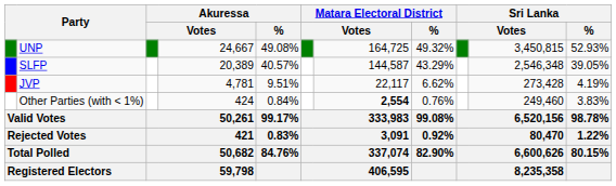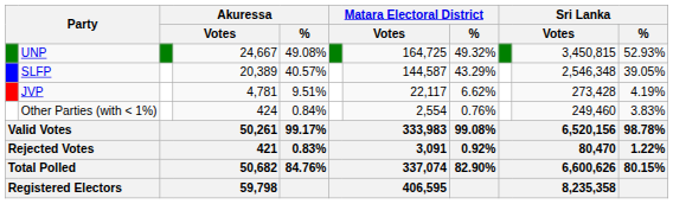 <table class="wikitable">
 <tr>
 <th colspan="2" width="144px"rowspan="2">Party</th>
 <th colspan="3" width="216px">Akuressa</th>
 <th colspan="3" width="216px"><a href='#'>Matara Electoral District</a></th>
 <th colspan="3" width="216px">Sri Lanka</th>
 </tr>
 <tr>
 <th colspan="2" width="144px">Votes</th>
 <th>%</th>
 <th colspan="2" width="144px">Votes</th>
 <th>%</th>
 <th colspan="2" width="144px">Votes</th>
 <th>%</th>
 </tr>
 <tr>
 <td style="background-color:green;" width="10px"></td>
 <td style="text-align:left;"><a href='#'>UNP</a></td>
 <td style="background-color:green;" width="10px"></td>
 <td style="text-align:right;">24,667</td>
 <td style="text-align:right;">49.08%</td>
 <td style="background-color:green;" width="10px"></td>
 <td style="text-align:right;">164,725</td>
 <td style="text-align:right;">49.32%</td>
 <td style="background-color:green;" width="10px"></td>
 <td style="text-align:right;">3,450,815</td>
 <td style="text-align:right;">52.93%</td>
 </tr>
 <tr>
 <td style="background-color:blue;" width="10px"></td>
 <td style="text-align:left;"><a href='#'>SLFP</a></td>
 <td style="background-color:white;" width="10px"></td>
 <td style="text-align:right;">20,389</td>
 <td style="text-align:right;">40.57%</td>
 <td style="background-color:white;" width="10px"></td>
 <td style="text-align:right;">144,587</td>
 <td style="text-align:right;">43.29%</td>
 <td style="background-color:white;" width="10px"></td>
 <td style="text-align:right;">2,546,348</td>
 <td style="text-align:right;">39.05%</td>
 </tr>
 <tr>
 <td style="background-color:red;" width="10px"></td>
 <td style="text-align:left;"><a href='#'>JVP</a></td>
 <td style="background-color:white;" width="10px"></td>
 <td style="text-align:right;">4,781</td>
 <td style="text-align:right;">9.51%</td>
 <td style="background-color:white;" width="10px"></td>
 <td style="text-align:right;">22,117</td>
 <td style="text-align:right;">6.62%</td>
 <td style="background-color:white;" width="10px"></td>
 <td style="text-align:right;">273,428</td>
 <td style="text-align:right;">4.19%</td>
 </tr>
 <tr>
 <td style="background-color:white;" width="10px"></td>
 <td style="text-align:left;">Other Parties (with < 1%)</td>
 <td style="background-color:white;" width="10px"></td>
 <td style="text-align:right;">424</td>
 <td style="text-align:right;">0.84%</td>
 <td style="background-color:white;" width="10px"></td>
-<td style="text-align:right;"><strong>2,554</strong></td>
+<td style="text-align:right;">2,554</td>
 <td style="text-align:right;">0.76%</td>
 <td style="background-color:white;" width="10px"></td>
 <td style="text-align:right;">249,460</td>
 <td style="text-align:right;">3.83%</td>
 </tr>
 <tr>
 <th colspan="2" width="144px"style="text-align:left;">Valid Votes</th>
 <th style="text-align:right;"colspan="2" width="144px">50,261</th>
 <th style="text-align:right;">99.17%</th>
 <th style="text-align:right;"colspan="2" width="144px">333,983</th>
 <th style="text-align:right;">99.08%</th>
 <th style="text-align:right;"colspan="2" width="144px">6,520,156</th>
 <th style="text-align:right;">98.78%</th>
 </tr>
 <tr>
 <th colspan="2" width="144px"style="text-align:left;">Rejected Votes</th>
 <th style="text-align:right;"colspan="2" width="144px">421</th>
 <th style="text-align:right;">0.83%</th>
 <th style="text-align:right;"colspan="2" width="144px">3,091</th>
 <th style="text-align:right;">0.92%</th>
 <th style="text-align:right;"colspan="2" width="144px">80,470</th>
 <th style="text-align:right;">1.22%</th>
 </tr>
 <tr>
 <th colspan="2" width="144px"style="text-align:left;">Total Polled</th>
 <th style="text-align:right;"colspan="2" width="144px">50,682</th>
 <th style="text-align:right;">84.76%</th>
 <th style="text-align:right;"colspan="2" width="144px">337,074</th>
 <th style="text-align:right;">82.90%</th>
 <th style="text-align:right;"colspan="2" width="144px">6,600,626</th>
 <th style="text-align:right;">80.15%</th>
 </tr>
 <tr>
 <th colspan="2" width="144px"style="text-align:left;">Registered Electors</th>
 <th style="text-align:right;"colspan="2" width="144px">59,798</th>
 <th></th>
 <th style="text-align:right;"colspan="2" width="144px">406,595</th>
 <th></th>
 <th style="text-align:right;"colspan="2" width="144px">8,235,358</th>
 <th></th>
 </tr>
 </table>
